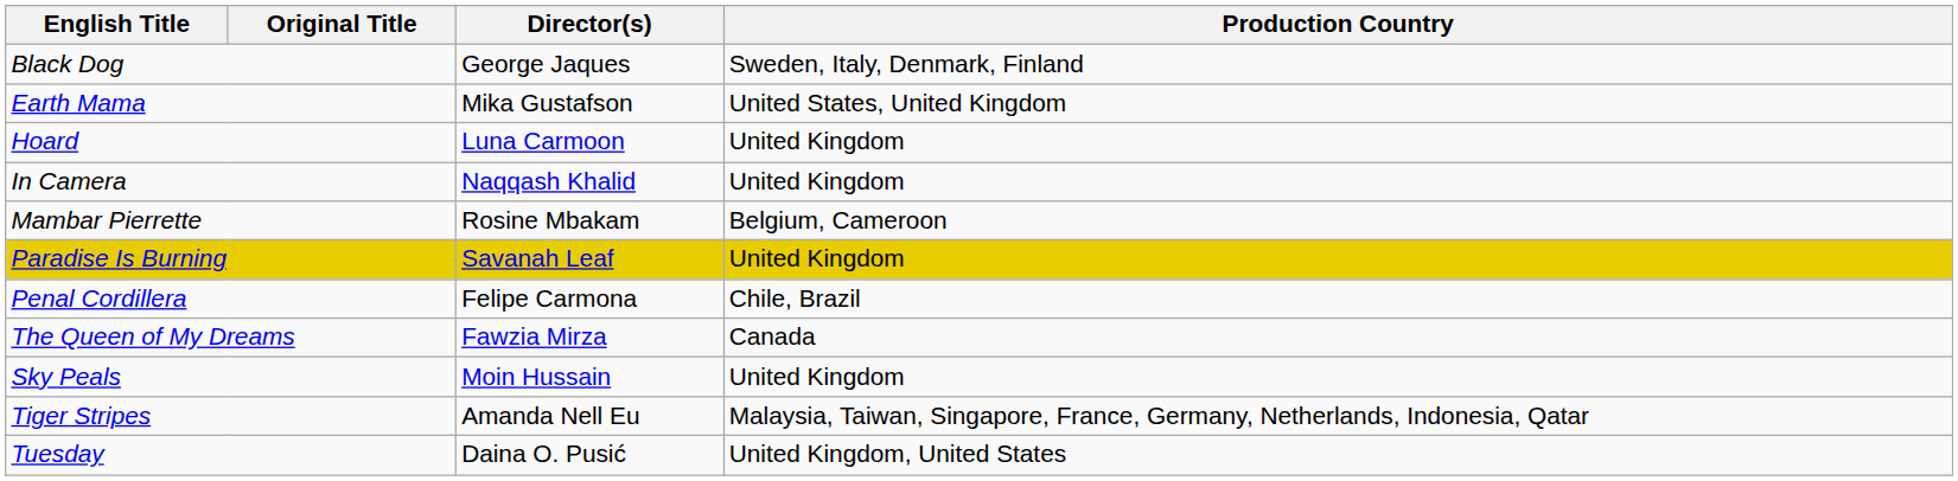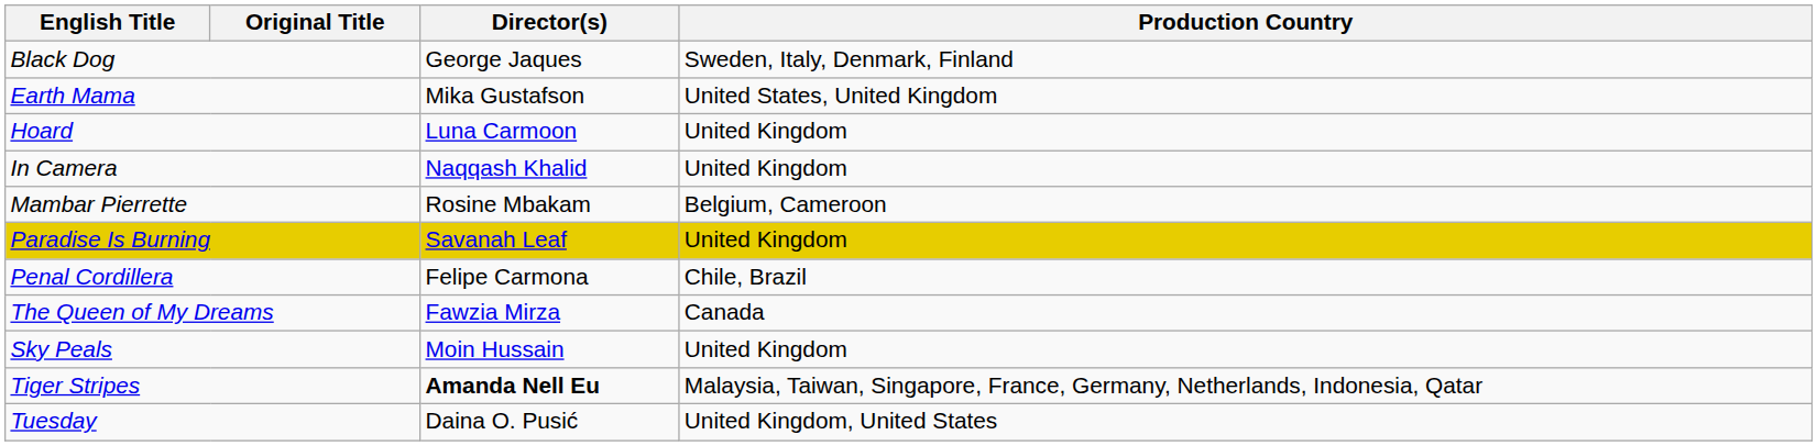 <table class="wikitable" style="width:100%; margin-bottom:4px">
 <tr>
 <th>English Title</th>
 <th>Original Title</th>
 <th>Director(s)</th>
 <th>Production Country</th>
 </tr>
 <tr>
 <td colspan="2"><em>Black Dog</em></td>
 <td>George Jaques</td>
 <td>Sweden, Italy, Denmark, Finland</td>
 </tr>
 <tr>
 <td colspan="2"><em><a href='#'>Earth Mama</a></em></td>
 <td>Mika Gustafson</td>
 <td>United States, United Kingdom</td>
 </tr>
 <tr>
 <td colspan="2"><em><a href='#'>Hoard</a></em></td>
 <td><a href='#'>Luna Carmoon</a></td>
 <td>United Kingdom</td>
 </tr>
 <tr>
 <td colspan="2"><em>In Camera</em></td>
 <td><a href='#'>Naqqash Khalid</a></td>
 <td>United Kingdom</td>
 </tr>
 <tr>
 <td colspan="2"><em>Mambar Pierrette</em></td>
 <td>Rosine Mbakam</td>
 <td>Belgium, Cameroon</td>
 </tr>
 <tr style="background:#E7CD00;">
 <td colspan="2"><em><a href='#'>Paradise Is Burning</a></em></td>
 <td><a href='#'>Savanah Leaf</a></td>
 <td>United Kingdom</td>
 </tr>
 <tr>
 <td colspan="2"><em><a href='#'>Penal Cordillera</a></em></td>
 <td>Felipe Carmona</td>
 <td>Chile, Brazil</td>
 </tr>
 <tr>
 <td colspan="2"><em><a href='#'>The Queen of My Dreams</a></em></td>
 <td><a href='#'>Fawzia Mirza</a></td>
 <td>Canada</td>
 </tr>
 <tr>
 <td colspan="2"><em><a href='#'>Sky Peals</a></em></td>
 <td><a href='#'>Moin Hussain</a></td>
 <td>United Kingdom</td>
 </tr>
 <tr>
 <td colspan="2"><em><a href='#'>Tiger Stripes</a></em></td>
-<td>Amanda Nell Eu</td>
+<td><strong>Amanda Nell Eu</strong></td>
 <td>Malaysia, Taiwan, Singapore, France, Germany, Netherlands, Indonesia, Qatar</td>
 </tr>
 <tr>
 <td colspan="2"><em><a href='#'>Tuesday</a></em></td>
 <td>Daina O. Pusić</td>
 <td>United Kingdom, United States</td>
 </tr>
 </table>
